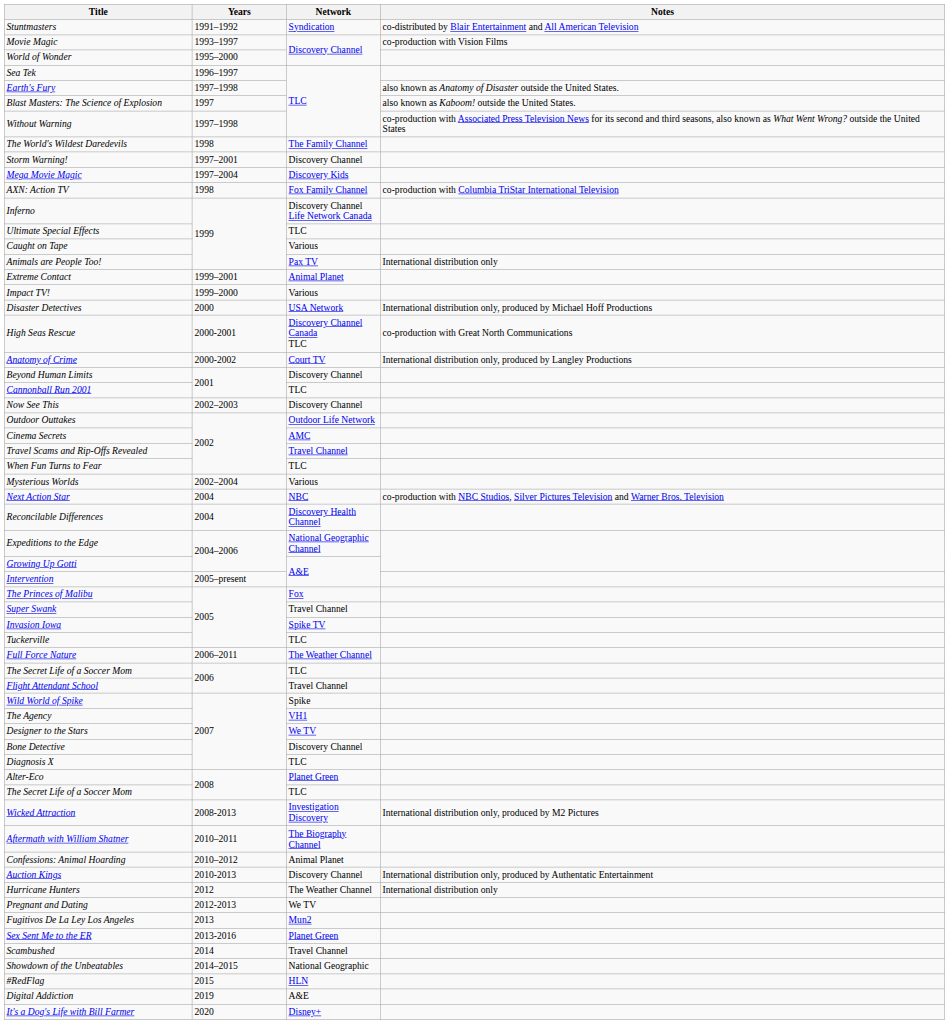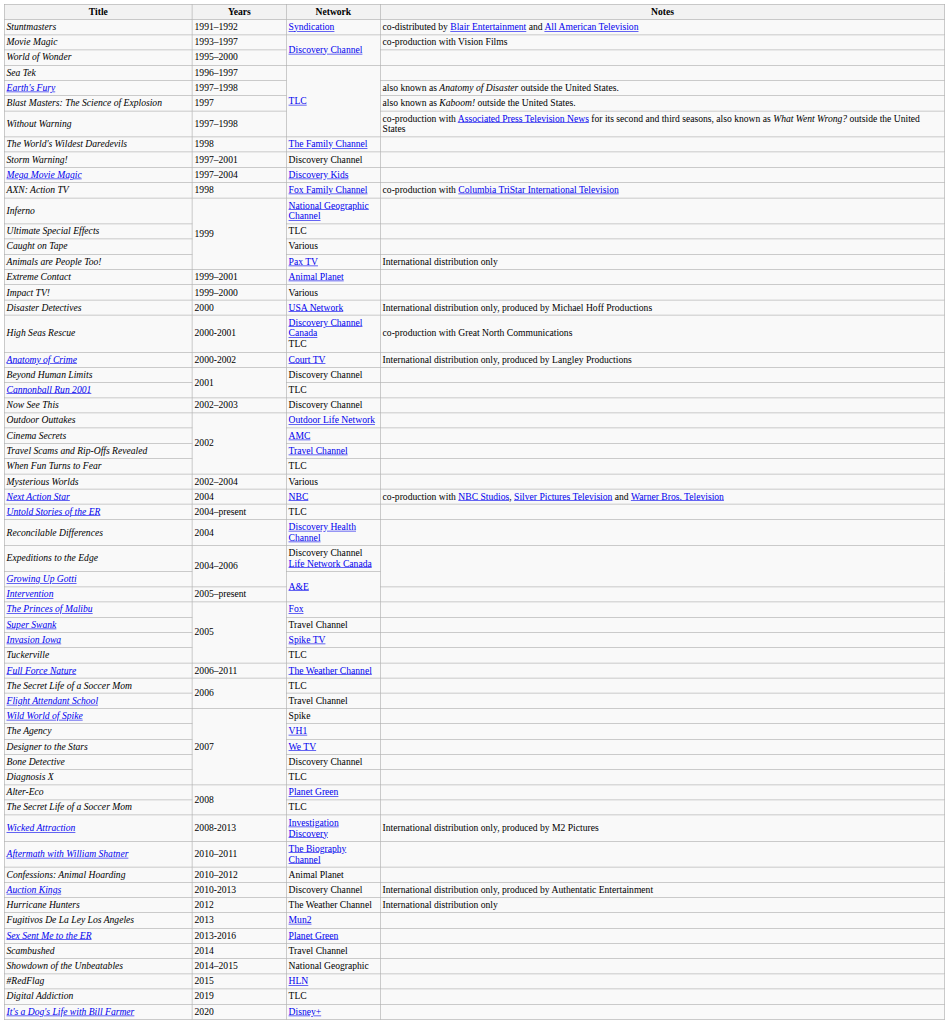 <table class="wikitable sortable">
 <tr>
 <th style="width:20%;">Title</th>
 <th style="width:10%;">Years</th>
 <th style="width:10%;">Network</th>
 <th style="width:60%;'">Notes</th>
 </tr>
 <tr>
 <td><em>Stuntmasters</em></td>
 <td>1991–1992</td>
 <td><a href='#'>Syndication</a></td>
 <td>co-distributed by <a href='#'>Blair Entertainment</a> and <a href='#'>All American Television</a></td>
 </tr>
 <tr>
 <td><em>Movie Magic</em></td>
 <td>1993–1997</td>
 <td rowspan="2"><a href='#'>Discovery Channel</a></td>
 <td>co-production with Vision Films</td>
 </tr>
 <tr>
 <td><em>World of Wonder</em></td>
 <td>1995–2000</td>
 <td></td>
 </tr>
 <tr>
 <td><em>Sea Tek</em></td>
 <td>1996–1997</td>
 <td rowspan="4"><a href='#'>TLC</a></td>
 <td></td>
 </tr>
 <tr>
 <td><em><a href='#'>Earth's Fury</a></em></td>
 <td>1997–1998</td>
 <td>also known as <em>Anatomy of Disaster</em> outside the United States.</td>
 </tr>
 <tr>
 <td><em>Blast Masters: The Science of Explosion</em></td>
 <td>1997</td>
 <td>also known as <em>Kaboom!</em> outside the United States.</td>
 </tr>
 <tr>
 <td><em>Without Warning</em></td>
 <td>1997–1998</td>
 <td>co-production with <a href='#'>Associated Press Television News</a> for its second and third seasons, also known as <em>What Went Wrong?</em> outside the United States</td>
 </tr>
 <tr>
 <td><em>The World's Wildest Daredevils</em></td>
 <td>1998</td>
 <td><a href='#'>The Family Channel</a></td>
 <td></td>
 </tr>
 <tr>
 <td><em>Storm Warning!</em></td>
 <td>1997–2001</td>
 <td>Discovery Channel</td>
 <td></td>
 </tr>
 <tr>
 <td><em><a href='#'>Mega Movie Magic</a></em></td>
 <td>1997–2004</td>
 <td><a href='#'>Discovery Kids</a></td>
 <td></td>
 </tr>
 <tr>
 <td><em>AXN: Action TV</em></td>
 <td>1998</td>
 <td><a href='#'>Fox Family Channel</a></td>
 <td>co-production with <a href='#'>Columbia TriStar International Television</a></td>
 </tr>
 <tr>
 <td><em>Inferno</em></td>
 <td rowspan="4">1999</td>
-<td>Discovery Channel<br><a href='#'>Life Network Canada</a></td>
+<td><a href='#'>National Geographic Channel</a></td>
 <td></td>
 </tr>
 <tr>
 <td><em>Ultimate Special Effects</em></td>
 <td>TLC</td>
 <td></td>
 </tr>
 <tr>
 <td><em>Caught on Tape</em></td>
 <td>Various</td>
 <td></td>
 </tr>
 <tr>
 <td><em>Animals are People Too!</em></td>
 <td><a href='#'>Pax TV</a></td>
 <td>International distribution only</td>
 </tr>
 <tr>
 <td><em>Extreme Contact</em></td>
 <td>1999–2001</td>
 <td><a href='#'>Animal Planet</a></td>
 <td></td>
 </tr>
 <tr>
 <td><em>Impact TV!</em></td>
 <td>1999–2000</td>
 <td>Various</td>
 <td></td>
 </tr>
 <tr>
 <td><em>Disaster Detectives</em></td>
 <td>2000</td>
 <td><a href='#'>USA Network</a></td>
 <td>International distribution only, produced by Michael Hoff Productions</td>
 </tr>
 <tr>
 <td><em>High Seas Rescue</em></td>
 <td>2000-2001</td>
 <td><a href='#'>Discovery Channel Canada</a><br>TLC</td>
 <td>co-production with Great North Communications</td>
 </tr>
 <tr>
 <td><em><a href='#'>Anatomy of Crime</a></em></td>
 <td>2000-2002</td>
 <td><a href='#'>Court TV</a></td>
 <td>International distribution only, produced by Langley Productions</td>
 </tr>
 <tr>
 <td><em>Beyond Human Limits</em></td>
 <td rowspan="2">2001</td>
 <td>Discovery Channel</td>
 <td></td>
 </tr>
 <tr>
 <td><em><a href='#'>Cannonball Run 2001</a></em></td>
 <td>TLC</td>
 <td></td>
 </tr>
 <tr>
 <td><em>Now See This</em></td>
 <td>2002–2003</td>
 <td>Discovery Channel</td>
 </tr>
 <tr>
 <td><em>Outdoor Outtakes</em></td>
 <td rowspan="4">2002</td>
 <td><a href='#'>Outdoor Life Network</a></td>
 <td></td>
 </tr>
 <tr>
 <td><em>Cinema Secrets</em></td>
 <td><a href='#'>AMC</a></td>
 <td></td>
 </tr>
 <tr>
 <td><em>Travel Scams and Rip-Offs Revealed</em></td>
 <td><a href='#'>Travel Channel</a></td>
 <td></td>
 </tr>
 <tr>
 <td><em>When Fun Turns to Fear</em></td>
 <td>TLC</td>
 <td></td>
 </tr>
 <tr>
 <td><em>Mysterious Worlds</em></td>
 <td>2002–2004</td>
 <td>Various</td>
 <td></td>
 </tr>
 <tr>
 <td><em><a href='#'>Next Action Star</a></em></td>
 <td>2004</td>
 <td><a href='#'>NBC</a></td>
 <td>co-production with <a href='#'>NBC Studios</a>, <a href='#'>Silver Pictures Television</a> and <a href='#'>Warner Bros. Television</a></td>
 </tr>
 <tr>
+<td><em><a href='#'>Untold Stories of the ER</a></em></td>
+<td>2004–present</td>
+<td>TLC</td>
+<td></td>
+</tr>
+<tr>
 <td><em>Reconcilable Differences</em></td>
 <td>2004</td>
 <td><a href='#'>Discovery Health Channel</a></td>
 <td></td>
 </tr>
 <tr>
 <td><em>Expeditions to the Edge</em></td>
 <td rowspan="2">2004–2006</td>
-<td><a href='#'>National Geographic Channel</a></td>
+<td>Discovery Channel<br><a href='#'>Life Network Canada</a></td>
 </tr>
 <tr>
 <td><em><a href='#'>Growing Up Gotti</a></em></td>
 <td rowspan="2"><a href='#'>A&E</a></td>
 </tr>
 <tr>
 <td><em><a href='#'>Intervention</a></em></td>
 <td>2005–present</td>
 <td></td>
 </tr>
 <tr>
 <td><em><a href='#'>The Princes of Malibu</a></em></td>
 <td rowspan="4">2005</td>
 <td><a href='#'>Fox</a></td>
 <td></td>
 </tr>
 <tr>
 <td><em><a href='#'>Super Swank</a></em></td>
 <td>Travel Channel</td>
 <td></td>
 </tr>
 <tr>
 <td><em><a href='#'>Invasion Iowa</a></em></td>
 <td><a href='#'>Spike TV</a></td>
 <td></td>
 </tr>
 <tr>
 <td><em>Tuckerville</em></td>
 <td>TLC</td>
 <td></td>
 </tr>
 <tr>
 <td><em><a href='#'>Full Force Nature</a></em></td>
 <td>2006–2011</td>
 <td><a href='#'>The Weather Channel</a></td>
 <td></td>
 </tr>
 <tr>
 <td><em>The Secret Life of a Soccer Mom</em></td>
 <td rowspan="2">2006</td>
 <td>TLC</td>
 <td></td>
 </tr>
 <tr>
 <td><em><a href='#'>Flight Attendant School</a></em></td>
 <td>Travel Channel</td>
 <td></td>
 </tr>
 <tr>
 <td><em><a href='#'>Wild World of Spike</a></em></td>
 <td rowspan="5">2007</td>
 <td>Spike</td>
 <td></td>
 </tr>
 <tr>
 <td><em>The Agency</em></td>
 <td><a href='#'>VH1</a></td>
 <td></td>
 </tr>
 <tr>
 <td><em>Designer to the Stars</em></td>
 <td><a href='#'>We TV</a></td>
 <td></td>
 </tr>
 <tr>
 <td><em>Bone Detective</em></td>
 <td>Discovery Channel</td>
 <td></td>
 </tr>
 <tr>
 <td><em>Diagnosis X</em></td>
 <td>TLC</td>
 <td></td>
 </tr>
 <tr>
 <td><em>Alter-Eco</em></td>
 <td rowspan="2">2008</td>
 <td><a href='#'>Planet Green</a></td>
 <td></td>
 </tr>
 <tr>
 <td><em>The Secret Life of a Soccer Mom</em></td>
 <td>TLC</td>
 <td></td>
 </tr>
 <tr>
 <td><em><a href='#'>Wicked Attraction</a></em></td>
 <td>2008-2013</td>
 <td><a href='#'>Investigation Discovery</a></td>
 <td>International distribution only, produced by M2 Pictures</td>
 </tr>
 <tr>
 <td><em><a href='#'>Aftermath with William Shatner</a></em></td>
 <td>2010–2011</td>
 <td><a href='#'>The Biography Channel</a></td>
 <td></td>
 </tr>
 <tr>
 <td><em>Confessions: Animal Hoarding</em></td>
 <td>2010–2012</td>
 <td>Animal Planet</td>
 <td></td>
 </tr>
 <tr>
 <td><em><a href='#'>Auction Kings</a></em></td>
 <td>2010-2013</td>
 <td>Discovery Channel</td>
 <td>International distribution only, produced by Authentatic Entertainment</td>
 </tr>
 <tr>
 <td><em>Hurricane Hunters</em></td>
 <td>2012</td>
 <td>The Weather Channel</td>
 <td>International distribution only</td>
 </tr>
 <tr>
-<td><em>Pregnant and Dating</em></td>
-<td>2012-2013</td>
-<td>We TV</td>
-<td></td>
-</tr>
-<tr>
 <td><em>Fugitivos De La Ley Los Angeles</em></td>
 <td>2013</td>
 <td><a href='#'>Mun2</a></td>
 <td></td>
 </tr>
 <tr>
 <td><em><a href='#'>Sex Sent Me to the ER</a></em></td>
 <td>2013-2016</td>
 <td><a href='#'>Planet Green</a></td>
 <td></td>
 </tr>
 <tr>
 <td><em>Scambushed</em></td>
 <td>2014</td>
 <td>Travel Channel</td>
 <td></td>
 </tr>
 <tr>
 <td><em>Showdown of the Unbeatables</em></td>
 <td>2014–2015</td>
 <td>National Geographic</td>
 <td></td>
 </tr>
 <tr>
 <td><em>#RedFlag</em></td>
 <td>2015</td>
 <td><a href='#'>HLN</a></td>
 <td></td>
 </tr>
 <tr>
 <td><em>Digital Addiction</em></td>
 <td>2019</td>
-<td>A&E</td>
+<td>TLC</td>
 <td></td>
 </tr>
 <tr>
 <td><a href='#'><em>It's a Dog's Life with Bill Farmer</em></a></td>
 <td>2020</td>
 <td><a href='#'>Disney+</a></td>
 <td></td>
 </tr>
 </table>
